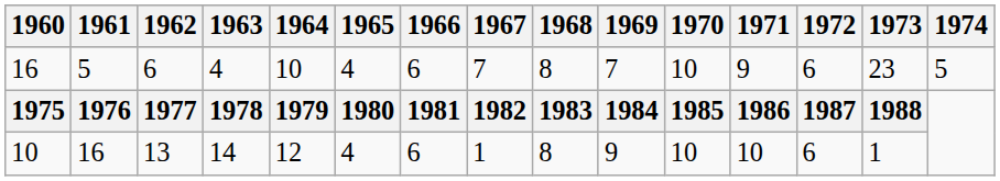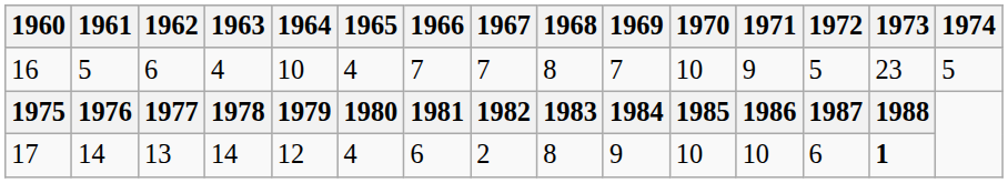 <table class="wikitable">
 <tr style="background:#ccc; text-align:center;">
 <th>1960</th>
 <th>1961</th>
 <th>1962</th>
 <th>1963</th>
 <th>1964</th>
 <th>1965</th>
 <th>1966</th>
 <th>1967</th>
 <th>1968</th>
 <th>1969</th>
 <th>1970</th>
 <th>1971</th>
 <th>1972</th>
 <th>1973</th>
 <th>1974</th>
 </tr>
 <tr>
 <td>16</td>
 <td>5</td>
 <td>6</td>
 <td>4</td>
 <td>10</td>
 <td>4</td>
-<td>6</td>
+<td>7</td>
 <td>7</td>
 <td>8</td>
 <td>7</td>
 <td>10</td>
 <td>9</td>
-<td>6</td>
+<td>5</td>
 <td>23</td>
 <td>5</td>
 </tr>
 <tr>
 <th>1975</th>
 <th>1976</th>
 <th>1977</th>
 <th>1978</th>
 <th>1979</th>
 <th>1980</th>
 <th>1981</th>
 <th>1982</th>
 <th>1983</th>
 <th>1984</th>
 <th>1985</th>
 <th>1986</th>
 <th>1987</th>
 <th>1988</th>
 </tr>
 <tr>
-<td>10</td>
-<td>16</td>
+<td>17</td>
+<td>14</td>
 <td>13</td>
 <td>14</td>
 <td>12</td>
 <td>4</td>
 <td>6</td>
-<td>1</td>
+<td>2</td>
 <td>8</td>
 <td>9</td>
 <td>10</td>
 <td>10</td>
 <td>6</td>
-<td>1</td>
+<td><strong>1</strong></td>
 </tr>
 </table>
